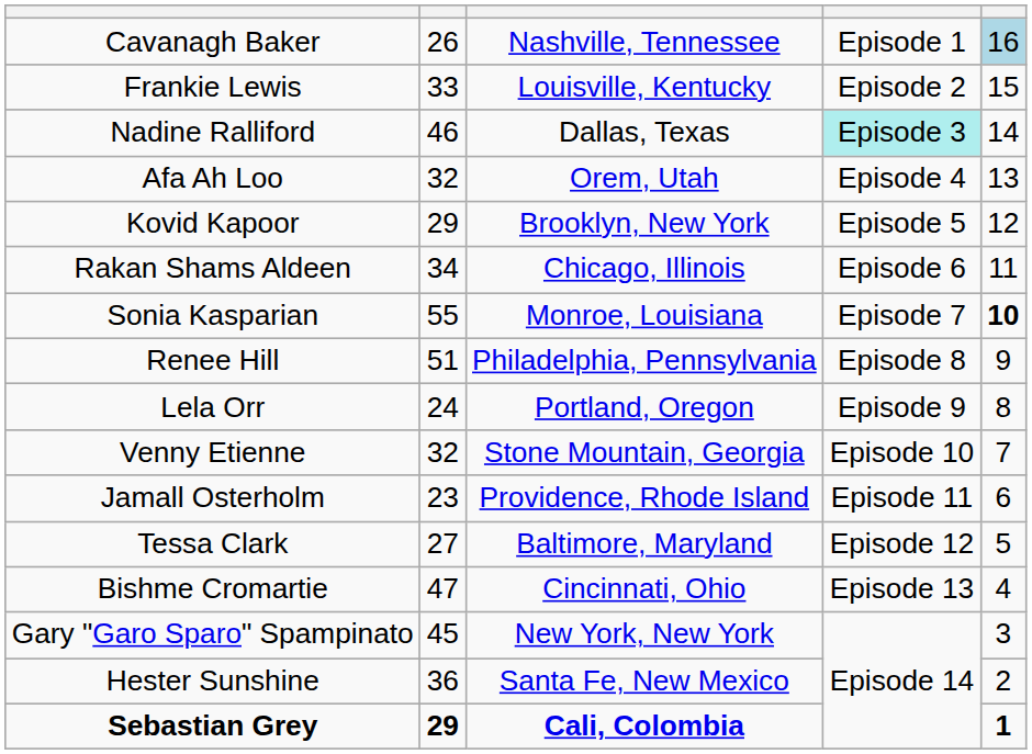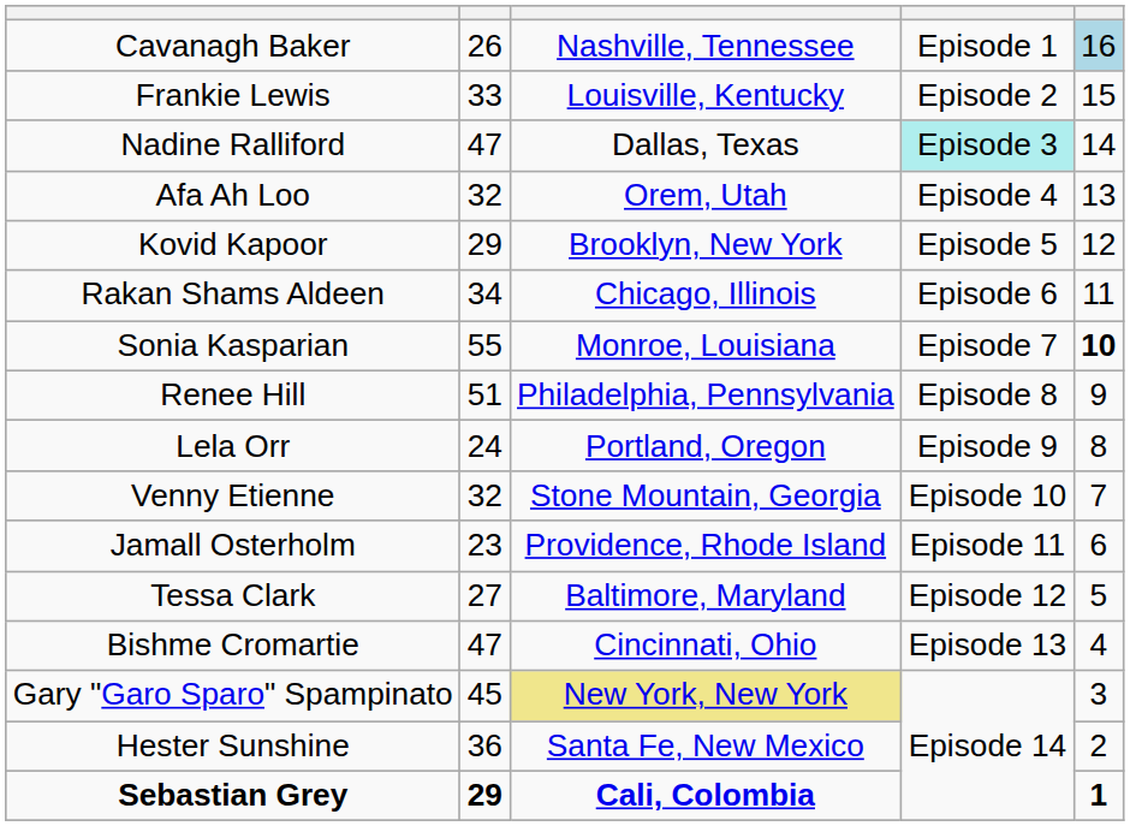 <table class="wikitable sortable" style="text-align:center;">
 <tr>
 <th></th>
 <th></th>
 <th></th>
 <th></th>
 <th></th>
 </tr>
 <tr>
 <td>Cavanagh Baker</td>
 <td>26</td>
 <td><a href='#'>Nashville, Tennessee</a></td>
 <td>Episode 1</td>
 <td style="background: lightblue;">16</td>
 </tr>
 <tr>
 <td>Frankie Lewis</td>
 <td>33</td>
 <td><a href='#'>Louisville, Kentucky</a></td>
 <td>Episode 2</td>
 <td>15</td>
 </tr>
 <tr>
 <td>Nadine Ralliford</td>
-<td>46</td>
+<td>47</td>
 <td>Dallas, Texas</td>
 <td style="background: paleturquoise;">Episode 3</td>
 <td>14</td>
 </tr>
 <tr>
 <td>Afa Ah Loo</td>
 <td>32</td>
 <td><a href='#'>Orem, Utah</a></td>
 <td>Episode 4</td>
 <td>13</td>
 </tr>
 <tr>
 <td>Kovid Kapoor</td>
 <td>29</td>
 <td><a href='#'>Brooklyn, New York</a></td>
 <td>Episode 5</td>
 <td>12</td>
 </tr>
 <tr>
 <td>Rakan Shams Aldeen</td>
 <td>34</td>
 <td><a href='#'>Chicago, Illinois</a></td>
 <td>Episode 6</td>
 <td>11</td>
 </tr>
 <tr>
 <td>Sonia Kasparian</td>
 <td>55</td>
 <td><a href='#'>Monroe, Louisiana</a></td>
 <td>Episode 7</td>
 <td><strong>10</strong></td>
 </tr>
 <tr>
 <td>Renee Hill</td>
 <td>51</td>
 <td><a href='#'>Philadelphia, Pennsylvania</a></td>
 <td>Episode 8</td>
 <td>9</td>
 </tr>
 <tr>
 <td>Lela Orr</td>
 <td>24</td>
 <td><a href='#'>Portland, Oregon</a></td>
 <td>Episode 9</td>
 <td>8</td>
 </tr>
 <tr>
 <td>Venny Etienne</td>
 <td>32</td>
 <td><a href='#'>Stone Mountain, Georgia</a></td>
 <td>Episode 10</td>
 <td>7</td>
 </tr>
 <tr>
 <td>Jamall Osterholm</td>
 <td>23</td>
 <td><a href='#'>Providence, Rhode Island</a></td>
 <td>Episode 11</td>
 <td>6</td>
 </tr>
 <tr>
 <td>Tessa Clark</td>
 <td>27</td>
 <td><a href='#'>Baltimore, Maryland</a></td>
 <td>Episode 12</td>
 <td>5</td>
 </tr>
 <tr>
 <td>Bishme Cromartie</td>
 <td>47</td>
 <td><a href='#'>Cincinnati, Ohio</a></td>
 <td>Episode 13</td>
 <td>4</td>
 </tr>
 <tr>
 <td>Gary "<a href='#'>Garo Sparo</a>" Spampinato</td>
 <td>45</td>
-<td><a href='#'>New York, New York</a></td>
+<td style="background: khaki;"><a href='#'>New York, New York</a></td>
 <td rowspan="3">Episode 14</td>
 <td>3</td>
 </tr>
 <tr>
 <td>Hester Sunshine</td>
 <td>36</td>
 <td><a href='#'>Santa Fe, New Mexico</a></td>
 <td>2</td>
 </tr>
 <tr>
 <td><strong> Sebastian Grey </strong></td>
 <td><strong>29 </strong></td>
 <td><strong><a href='#'>Cali, Colombia</a></strong></td>
 <td><strong>1</strong></td>
 </tr>
 </table>
